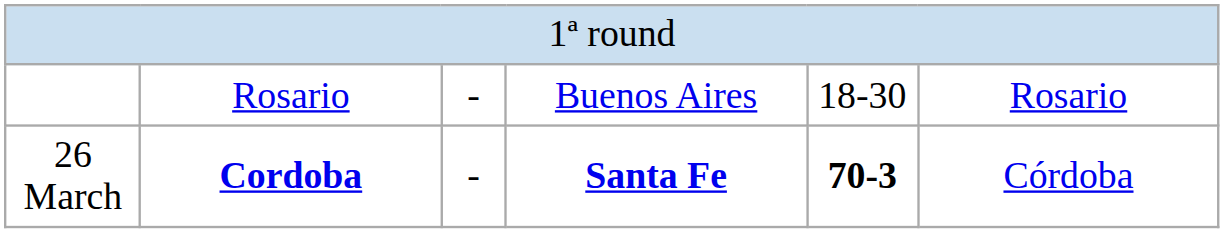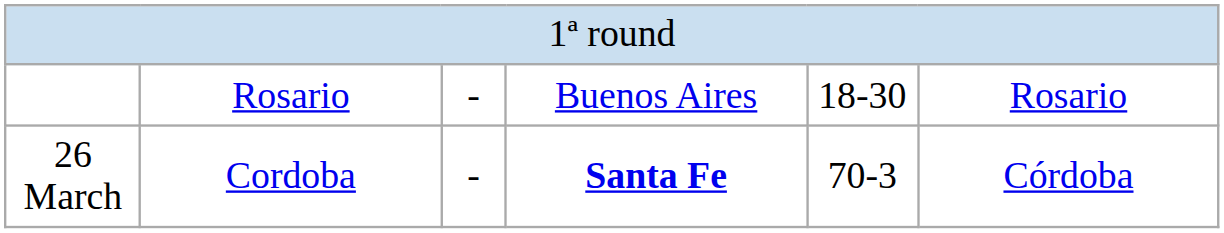 <table class="wikitable" style="text-align:center">
 <tr style="background:#cadff0;">
 <td style="text-align:center;" colspan="6">1ª round</td>
 </tr>
 <tr style="background:#fff;">
 <td width=50></td>
 <td width=120><a href='#'>Rosario</a></td>
 <td width=20>-</td>
 <td width=120><a href='#'>Buenos Aires</a></td>
 <td width=40>18-30</td>
 <td width=120><a href='#'>Rosario</a></td>
 </tr>
 <tr style="background:#fff;">
 <td width=50>26 March</td>
-<td width=120><strong><a href='#'>Cordoba</a></strong></td>
+<td width=120><a href='#'>Cordoba</a></td>
 <td width=20>-</td>
 <td width=120><strong><a href='#'>Santa Fe</a></strong></td>
-<td width=40><strong>70-3</strong></td>
+<td width=40>70-3</td>
 <td width=120><a href='#'>Córdoba</a></td>
 </tr>
 </table>
